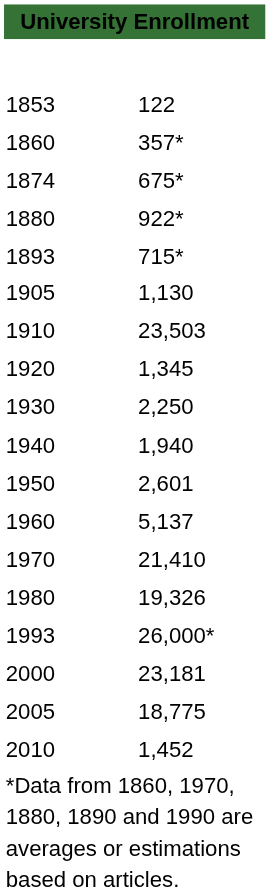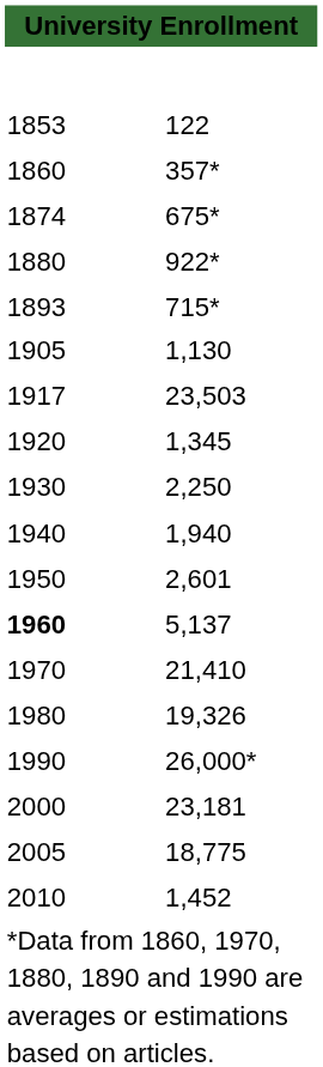 <table class="toccolours" style="float: right; margin-left: 1em; font-size: 80%; line-height: 1.4em;" width="155px" id="EnrollmentEMU">
 <tr>
 <th colspan="2" style="text-align: center; background:#347235"><span><strong>University Enrollment</strong></span></th>
 </tr>
 <tr>
 <td width="50%"></td>
 <td width="50%"></td>
 </tr>
 <tr>
 <td colspan="2" style="text-align: center;"><br></td>
 </tr>
 <tr>
 <td>1853</td>
 <td>122</td>
 </tr>
 <tr>
 <td>1860</td>
 <td>357*</td>
 </tr>
 <tr>
 <td>1874</td>
 <td>675*</td>
 </tr>
 <tr>
 <td>1880</td>
 <td>922*</td>
 </tr>
 <tr>
 <td>1893</td>
 <td>715*</td>
 </tr>
 <tr>
 <td>1905</td>
 <td>1,130</td>
 </tr>
 <tr>
-<td>1910</td>
+<td>1917</td>
 <td>23,503</td>
 </tr>
 <tr>
 <td>1920</td>
 <td>1,345</td>
 </tr>
 <tr>
 <td>1930</td>
 <td>2,250</td>
 </tr>
 <tr>
 <td>1940</td>
 <td>1,940</td>
 </tr>
 <tr>
 <td>1950</td>
 <td>2,601</td>
 </tr>
 <tr>
-<td>1960</td>
+<td><strong>1960</strong></td>
 <td>5,137</td>
 </tr>
 <tr>
 <td>1970</td>
 <td>21,410</td>
 </tr>
 <tr>
 <td>1980</td>
 <td>19,326</td>
 </tr>
 <tr>
-<td>1993</td>
+<td>1990</td>
 <td>26,000*</td>
 </tr>
 <tr>
 <td>2000</td>
 <td>23,181</td>
 </tr>
 <tr>
 <td>2005</td>
 <td>18,775</td>
 </tr>
 <tr>
 <td>2010</td>
 <td>1,452</td>
 </tr>
 <tr>
 <td colspan=2>*Data from 1860, 1970, 1880, 1890 and 1990 are averages or estimations based on articles.</td>
 </tr>
 </table>
